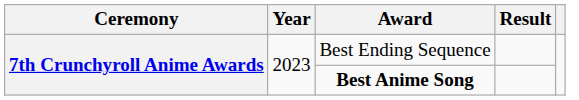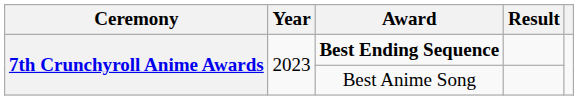 <table class="wikitable sortable plainrowheaders" style=text-align:center>
 <tr>
 <th scope="col">Ceremony</th>
 <th scope="col">Year</th>
 <th scope="col">Award</th>
 <th scope="col">Result</th>
 <th scope="col" class="unsortable"></th>
 </tr>
 <tr>
 <th scope="row" style="text-align:center;" rowspan="2"><a href='#'>7th Crunchyroll Anime Awards</a></th>
 <td style="text-align:center;" rowspan="2">2023</td>
-<td>Best Ending Sequence</td>
+<td><strong>Best Ending Sequence</strong></td>
 <td></td>
 <td style="text-align:center;" rowspan="2"></td>
 </tr>
 <tr>
-<td><strong>Best Anime Song</strong></td>
+<td>Best Anime Song</td>
 <td></td>
 </tr>
 </table>
